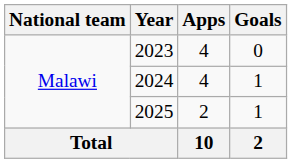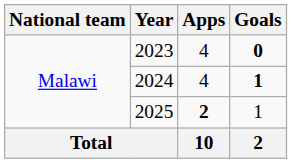 <table class="wikitable" style="text-align:center">
 <tr>
 <th>National team</th>
 <th>Year</th>
 <th>Apps</th>
 <th>Goals</th>
 </tr>
 <tr>
 <td rowspan=3><a href='#'>Malawi</a></td>
 <td>2023</td>
 <td>4</td>
-<td>0</td>
+<td><strong>0</strong></td>
 </tr>
 <tr>
 <td>2024</td>
 <td>4</td>
-<td>1</td>
+<td><strong>1</strong></td>
 </tr>
 <tr>
 <td>2025</td>
-<td>2</td>
+<td><strong>2</strong></td>
 <td>1</td>
 </tr>
 <tr>
 <th colspan=2>Total</th>
 <th>10</th>
 <th>2</th>
 </tr>
 </table>
